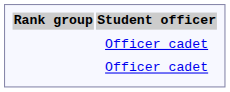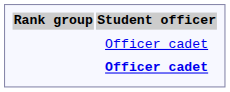 <table style="border:1px solid #8888aa; background-color:#f7f8ff; padding:5px; font-size:95%; margin: 0px 12px 12px 0px; text-align:center;">
 <tr bgcolor="#CCCCCC">
 <th>Rank group</th>
 <th>Student officer</th>
 </tr>
 <tr>
 <td rowspan=2><strong></strong></td>
 <td></td>
 </tr>
 <tr>
 <td><a href='#'>Officer cadet</a></td>
 </tr>
 <tr>
 <td rowspan=2><strong></strong></td>
 <td></td>
 </tr>
 <tr>
-<td><a href='#'>Officer cadet</a></td>
+<td><strong><a href='#'>Officer cadet</a></strong></td>
 </tr>
 <tr>
 </tr>
 </table>
